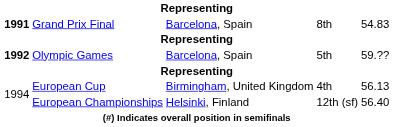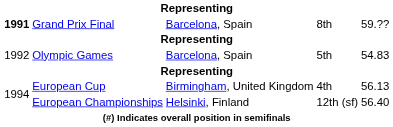 <table>
 <tr>
 <th colspan=6>Representing </th>
 </tr>
 <tr>
 <td><strong>1991</strong></td>
 <td><a href='#'>Grand Prix Final</a></td>
 <td><a href='#'>Barcelona</a>, Spain</td>
 <td>8th</td>
-<td>54.83</td>
+<td>59.??</td>
 </tr>
 <tr>
 <th colspan=6>Representing </th>
 </tr>
 <tr>
-<td><strong>1992</strong></td>
+<td>1992</td>
 <td><a href='#'>Olympic Games</a></td>
 <td><a href='#'>Barcelona</a>, Spain</td>
 <td>5th</td>
-<td>59.??</td>
+<td>54.83</td>
 </tr>
 <tr>
 <th colspan=6>Representing </th>
 </tr>
 <tr>
 <td rowspan=2>1994</td>
 <td><a href='#'>European Cup</a></td>
 <td><a href='#'>Birmingham</a>, United Kingdom</td>
 <td>4th</td>
 <td>56.13</td>
 </tr>
 <tr>
 <td><a href='#'>European Championships</a></td>
 <td><a href='#'>Helsinki</a>, Finland</td>
 <td>12th (sf)</td>
 <td>56.40</td>
 </tr>
 <tr>
 <th colspan=6><small> <strong>(#) Indicates overall position in semifinals</strong></small></th>
 </tr>
 </table>
